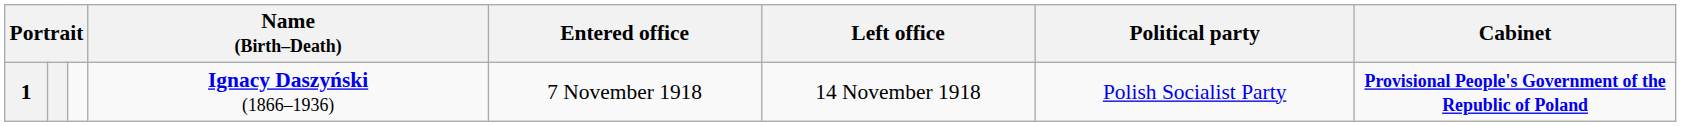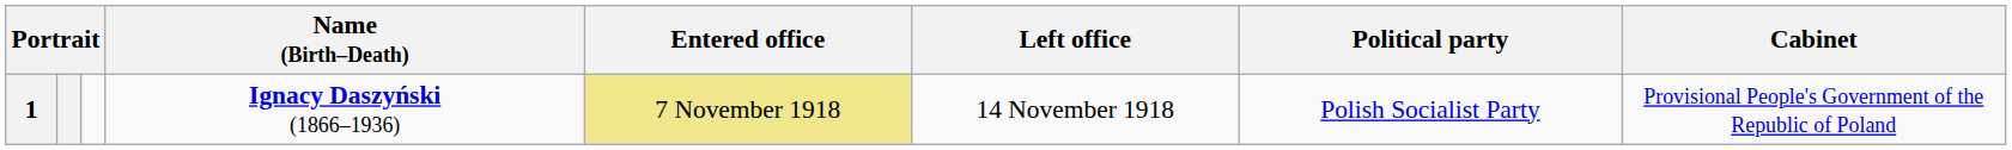 <table class="wikitable" style="text-align:center">
 <tr>
 <th colspan="3">Portrait</th>
 <th width=25%>Name<br><small>(Birth–Death)</small></th>
 <th width=17%>Entered office</th>
 <th width=17%>Left office</th>
 <th width=20%>Political party</th>
 <th width=20%>Cabinet</th>
 </tr>
 <tr>
 <th>1</th>
 <th style="background:"></th>
 <td></td>
 <td><strong><a href='#'>Ignacy Daszyński</a></strong><br><small>(1866–1936)</small></td>
-<td>7 November 1918</td>
+<td style="background: khaki;">7 November 1918</td>
 <td>14 November 1918</td>
 <td><a href='#'>Polish Socialist Party</a></td>
-<td><strong><small><a href='#'>Provisional People's Government of the Republic of Poland</a></small></strong></td>
+<td><small><a href='#'>Provisional People's Government of the Republic of Poland</a></small></td>
 </tr>
 </table>
